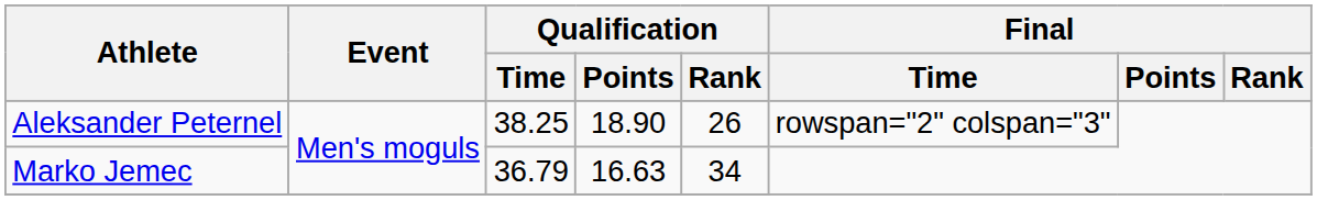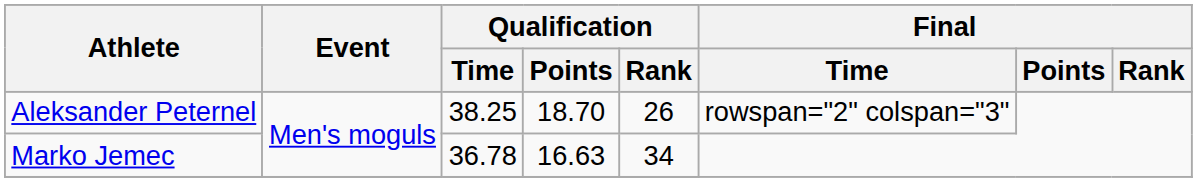 <table class="wikitable" style="font-size:90%">
 <tr>
 <th rowspan="2">Athlete</th>
 <th rowspan="2">Event</th>
 <th colspan="3">Qualification</th>
 <th colspan="3">Final</th>
 </tr>
 <tr>
 <th>Time</th>
 <th>Points</th>
 <th>Rank</th>
 <th>Time</th>
 <th>Points</th>
 <th>Rank</th>
 </tr>
 <tr>
 <td><a href='#'>Aleksander Peternel</a></td>
 <td rowspan="2"><a href='#'>Men's moguls</a></td>
 <td align="center">38.25</td>
-<td align="center">18.90</td>
+<td align="center">18.70</td>
 <td align="center">26</td>
 <td>rowspan="2" colspan="3" </td>
 </tr>
 <tr>
 <td><a href='#'>Marko Jemec</a></td>
-<td align="center">36.79</td>
+<td align="center">36.78</td>
 <td align="center">16.63</td>
 <td align="center">34</td>
 </tr>
 <tr>
 </tr>
 </table>
